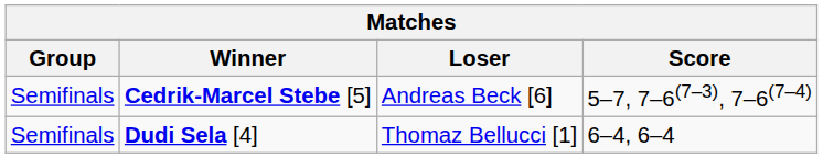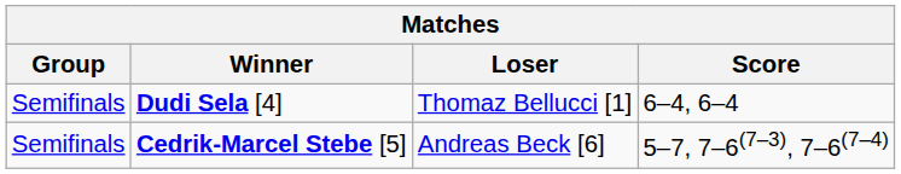 <table class="wikitable collapsible uncollapsed" style="margin:1em auto;">
 <tr>
 <th colspan=4>Matches</th>
 </tr>
 <tr>
 <th>Group</th>
 <th>Winner</th>
 <th>Loser</th>
 <th>Score</th>
 </tr>
 <tr align=left>
 <td><a href='#'>Semifinals</a></td>
+<td> <strong><a href='#'>Dudi Sela</a></strong> [4]</td>
+<td> <a href='#'>Thomaz Bellucci</a> [1]</td>
+<td>6–4, 6–4</td>
+</tr>
+<tr align=left>
+<td><a href='#'>Semifinals</a></td>
 <td> <strong><a href='#'>Cedrik-Marcel Stebe</a></strong> [5]</td>
 <td> <a href='#'>Andreas Beck</a> [6]</td>
 <td>5–7, 7–6<sup>(7–3)</sup>, 7–6<sup>(7–4)</sup></td>
 </tr>
-<tr align=left>
-<td><a href='#'>Semifinals</a></td>
-<td> <strong><a href='#'>Dudi Sela</a></strong> [4]</td>
-<td> <a href='#'>Thomaz Bellucci</a> [1]</td>
-<td>6–4, 6–4</td>
-</tr>
 </table>
